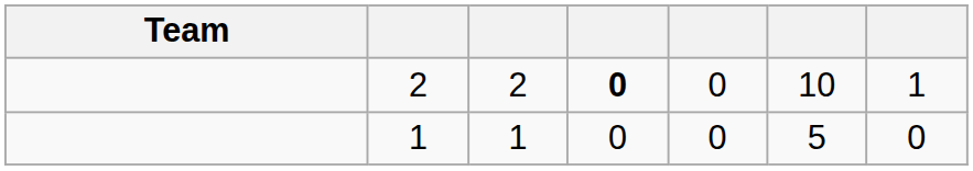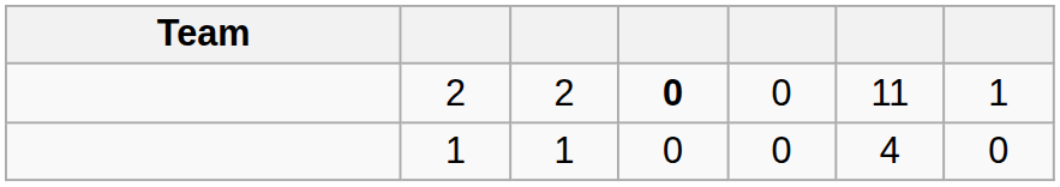 <table class="wikitable" style="text-align:center;">
 <tr>
 <th width=165>Team</th>
 <th width=40></th>
 <th width=40></th>
 <th width=40></th>
 <th width=40></th>
 <th width=40></th>
 <th width=40></th>
 </tr>
 <tr>
 <td align=left></td>
 <td>2</td>
 <td>2</td>
 <td><strong>0</strong></td>
 <td>0</td>
-<td>10</td>
+<td>11</td>
 <td>1</td>
 </tr>
 <tr>
 <td align=left></td>
 <td>1</td>
 <td>1</td>
 <td>0</td>
 <td>0</td>
-<td>5</td>
+<td>4</td>
 <td>0</td>
 </tr>
 </table>
